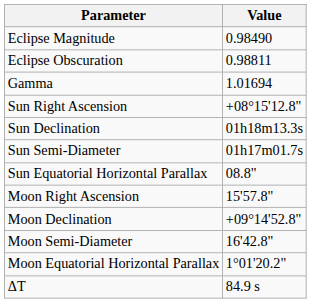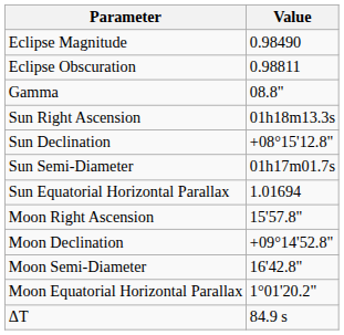 <table class="wikitable">
 <tr>
 <th>Parameter</th>
 <th>Value</th>
 </tr>
 <tr>
 <td>Eclipse Magnitude</td>
 <td>0.98490</td>
 </tr>
 <tr>
 <td>Eclipse Obscuration</td>
 <td>0.98811</td>
 </tr>
 <tr>
 <td>Gamma</td>
-<td>1.01694</td>
+<td>08.8"</td>
 </tr>
 <tr>
 <td>Sun Right Ascension</td>
-<td>+08°15'12.8"</td>
+<td>01h18m13.3s</td>
 </tr>
 <tr>
 <td>Sun Declination</td>
-<td>01h18m13.3s</td>
+<td>+08°15'12.8"</td>
 </tr>
 <tr>
 <td>Sun Semi-Diameter</td>
 <td>01h17m01.7s</td>
 </tr>
 <tr>
 <td>Sun Equatorial Horizontal Parallax</td>
-<td>08.8"</td>
+<td>1.01694</td>
 </tr>
 <tr>
 <td>Moon Right Ascension</td>
 <td>15'57.8"</td>
 </tr>
 <tr>
 <td>Moon Declination</td>
 <td>+09°14'52.8"</td>
 </tr>
 <tr>
 <td>Moon Semi-Diameter</td>
 <td>16'42.8"</td>
 </tr>
 <tr>
 <td>Moon Equatorial Horizontal Parallax</td>
 <td>1°01'20.2"</td>
 </tr>
 <tr>
 <td>ΔT</td>
 <td>84.9 s</td>
 </tr>
 </table>
